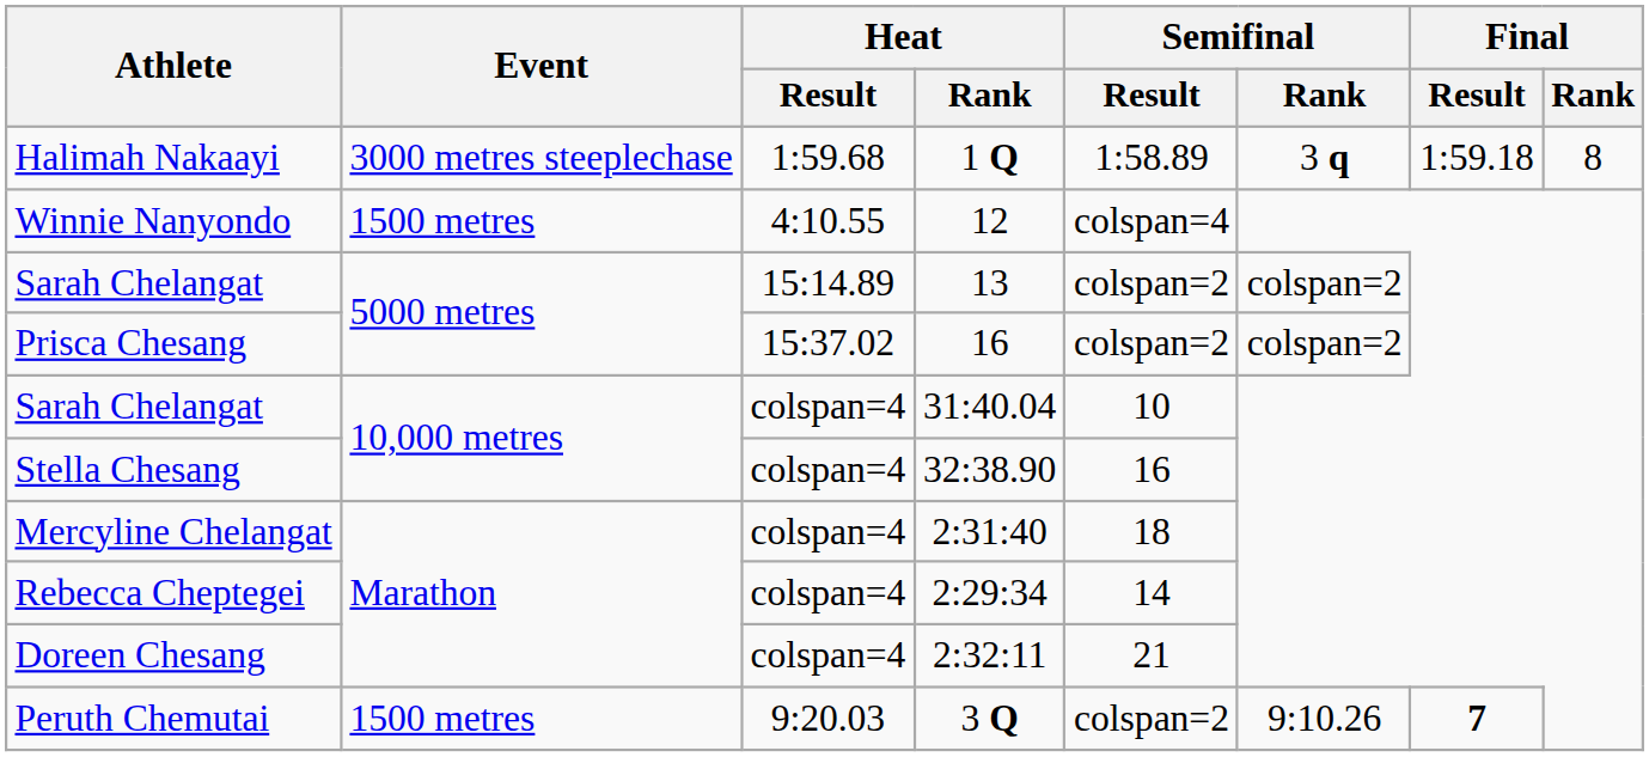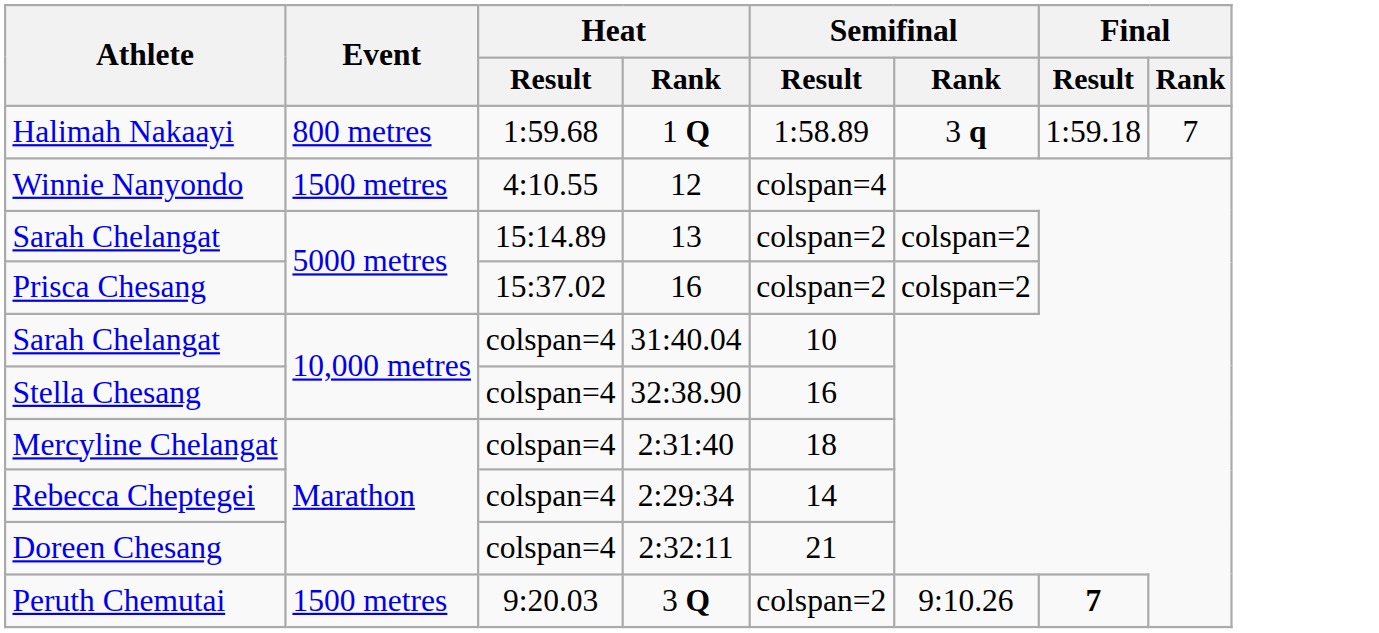 <table class="wikitable" style="font-size:90%">
 <tr>
 <th rowspan="2">Athlete</th>
 <th rowspan="2">Event</th>
 <th colspan="2">Heat</th>
 <th colspan="2">Semifinal</th>
 <th colspan="2">Final</th>
 </tr>
 <tr style="font-size:95%">
 <th>Result</th>
 <th>Rank</th>
 <th>Result</th>
 <th>Rank</th>
 <th>Result</th>
 <th>Rank</th>
 </tr>
 <tr style=text-align:center>
 <td style=text-align:left><a href='#'>Halimah Nakaayi</a></td>
-<td style=text-align:left><a href='#'>3000 metres steeplechase</a></td>
+<td style=text-align:left><a href='#'>800 metres</a></td>
 <td>1:59.68</td>
 <td>1 <strong>Q</strong></td>
 <td>1:58.89</td>
 <td>3 <strong>q</strong></td>
 <td>1:59.18</td>
-<td>8</td>
+<td>7</td>
 </tr>
 <tr style=text-align:center>
 <td style=text-align:left><a href='#'>Winnie Nanyondo</a></td>
 <td style=text-align:left><a href='#'>1500 metres</a></td>
 <td>4:10.55</td>
 <td>12</td>
 <td>colspan=4 </td>
 </tr>
 <tr style=text-align:center>
 <td style=text-align:left><a href='#'>Sarah Chelangat</a></td>
 <td style=text-align:left rowspan=2><a href='#'>5000 metres</a></td>
 <td>15:14.89</td>
 <td>13</td>
 <td>colspan=2</td>
 <td>colspan=2 </td>
 </tr>
 <tr style=text-align:center>
 <td style=text-align:left><a href='#'>Prisca Chesang</a></td>
 <td>15:37.02</td>
 <td>16</td>
 <td>colspan=2</td>
 <td>colspan=2 </td>
 </tr>
 <tr style=text-align:center>
 <td style=text-align:left><a href='#'>Sarah Chelangat</a></td>
 <td style=text-align:left rowspan=2><a href='#'>10,000 metres</a></td>
 <td>colspan=4</td>
 <td>31:40.04 </td>
 <td>10</td>
 </tr>
 <tr style=text-align:center>
 <td style=text-align:left><a href='#'>Stella Chesang</a></td>
 <td>colspan=4</td>
 <td>32:38.90 </td>
 <td>16</td>
 </tr>
 <tr style=text-align:center>
 <td style=text-align:left><a href='#'>Mercyline Chelangat</a></td>
 <td style=text-align:left rowspan=3><a href='#'>Marathon</a></td>
 <td>colspan=4</td>
 <td>2:31:40</td>
 <td>18</td>
 </tr>
 <tr style=text-align:center>
 <td style=text-align:left><a href='#'>Rebecca Cheptegei</a></td>
 <td>colspan=4</td>
 <td>2:29:34 </td>
 <td>14</td>
 </tr>
 <tr style=text-align:center>
 <td style=text-align:left><a href='#'>Doreen Chesang</a></td>
 <td>colspan=4</td>
 <td>2:32:11</td>
 <td>21</td>
 </tr>
 <tr style=text-align:center>
 <td style=text-align:left><a href='#'>Peruth Chemutai</a></td>
 <td style=text-align:left><a href='#'>1500 metres</a></td>
 <td>9:20.03</td>
 <td>3 <strong>Q</strong></td>
 <td>colspan=2</td>
 <td>9:10.26 </td>
 <td><strong>7</strong></td>
 </tr>
 </table>
